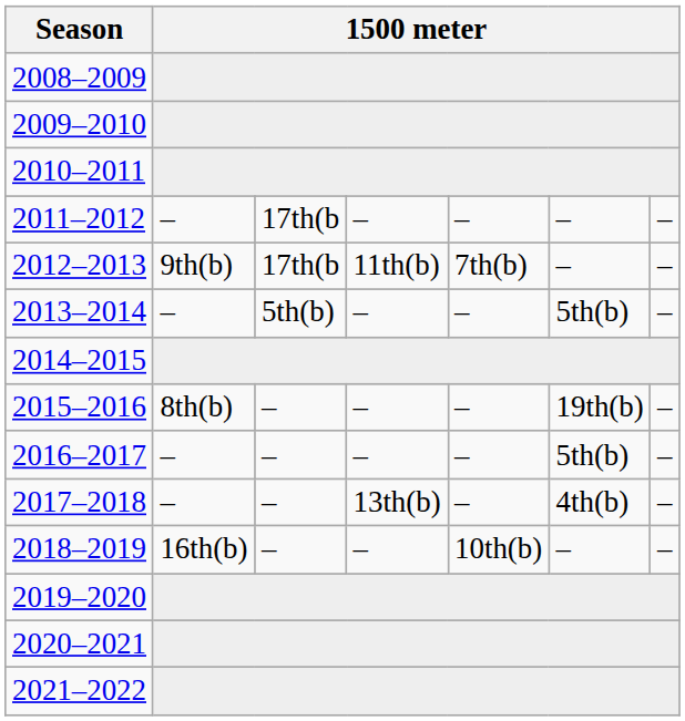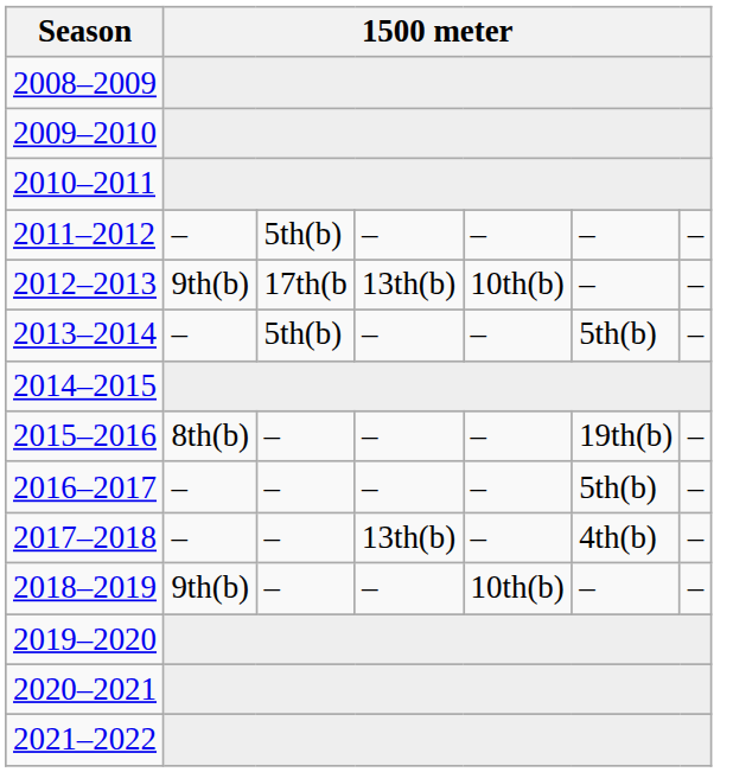 <table class="wikitable" style="display: inline-table;">
 <tr>
 <th>Season</th>
 <th colspan="14">1500 meter</th>
 </tr>
 <tr>
 <td><a href='#'>2008–2009</a></td>
 <td colspan="12" bgcolor=#EEEEEE></td>
 </tr>
 <tr>
 <td><a href='#'>2009–2010</a></td>
 <td colspan="12" bgcolor=#EEEEEE></td>
 </tr>
 <tr>
 <td><a href='#'>2010–2011</a></td>
 <td colspan="12" bgcolor=#EEEEEE></td>
 </tr>
 <tr>
 <td><a href='#'>2011–2012</a></td>
 <td>–</td>
-<td>17th(b</td>
+<td>5th(b)</td>
 <td>–</td>
 <td>–</td>
 <td>–</td>
 <td>–</td>
 </tr>
 <tr>
 <td><a href='#'>2012–2013</a></td>
 <td>9th(b)</td>
 <td>17th(b</td>
-<td>11th(b)</td>
-<td>7th(b)</td>
+<td>13th(b)</td>
+<td>10th(b)</td>
 <td>–</td>
 <td>–</td>
 </tr>
 <tr>
 <td><a href='#'>2013–2014</a></td>
 <td>–</td>
 <td>5th(b)</td>
 <td>–</td>
 <td>–</td>
 <td>5th(b)</td>
 <td>–</td>
 </tr>
 <tr>
 <td><a href='#'>2014–2015</a></td>
 <td colspan="12" bgcolor=#EEEEEE></td>
 </tr>
 <tr>
 <td><a href='#'>2015–2016</a></td>
 <td>8th(b)</td>
 <td>–</td>
 <td>–</td>
 <td>–</td>
 <td>19th(b)</td>
 <td>–</td>
 </tr>
 <tr>
 <td><a href='#'>2016–2017</a></td>
 <td>–</td>
 <td>–</td>
 <td>–</td>
 <td>–</td>
 <td>5th(b)</td>
 <td>–</td>
 </tr>
 <tr>
 <td><a href='#'>2017–2018</a></td>
 <td>–</td>
 <td>–</td>
 <td>13th(b)</td>
 <td>–</td>
 <td>4th(b)</td>
 <td>–</td>
 </tr>
 <tr>
 <td><a href='#'>2018–2019</a></td>
-<td>16th(b)</td>
+<td>9th(b)</td>
 <td>–</td>
 <td>–</td>
 <td>10th(b)</td>
 <td>–</td>
 <td>–</td>
 </tr>
 <tr>
 <td><a href='#'>2019–2020</a></td>
 <td colspan="12" bgcolor=#EEEEEE></td>
 </tr>
 <tr>
 <td><a href='#'>2020–2021</a></td>
 <td colspan="12" bgcolor=#EEEEEE></td>
 </tr>
 <tr>
 <td><a href='#'>2021–2022</a></td>
 <td colspan="12" bgcolor=#EEEEEE></td>
 </tr>
 </table>
